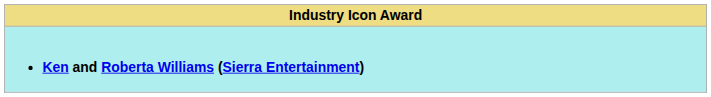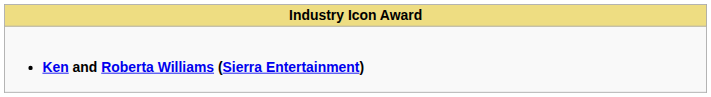 <table class=wikitable>
 <tr>
 <th style="background:#eedd82; width:50em;">Industry Icon Award</th>
 </tr>
 <tr>
-<td valign="top" style="background: paleturquoise;"><br><ul><li><strong><a href='#'>Ken</a> and <a href='#'>Roberta Williams</a> (<a href='#'>Sierra Entertainment</a>)</strong></li></ul></td>
+<td valign="top"><br><ul><li><strong><a href='#'>Ken</a> and <a href='#'>Roberta Williams</a> (<a href='#'>Sierra Entertainment</a>)</strong></li></ul></td>
 </tr>
 </table>
